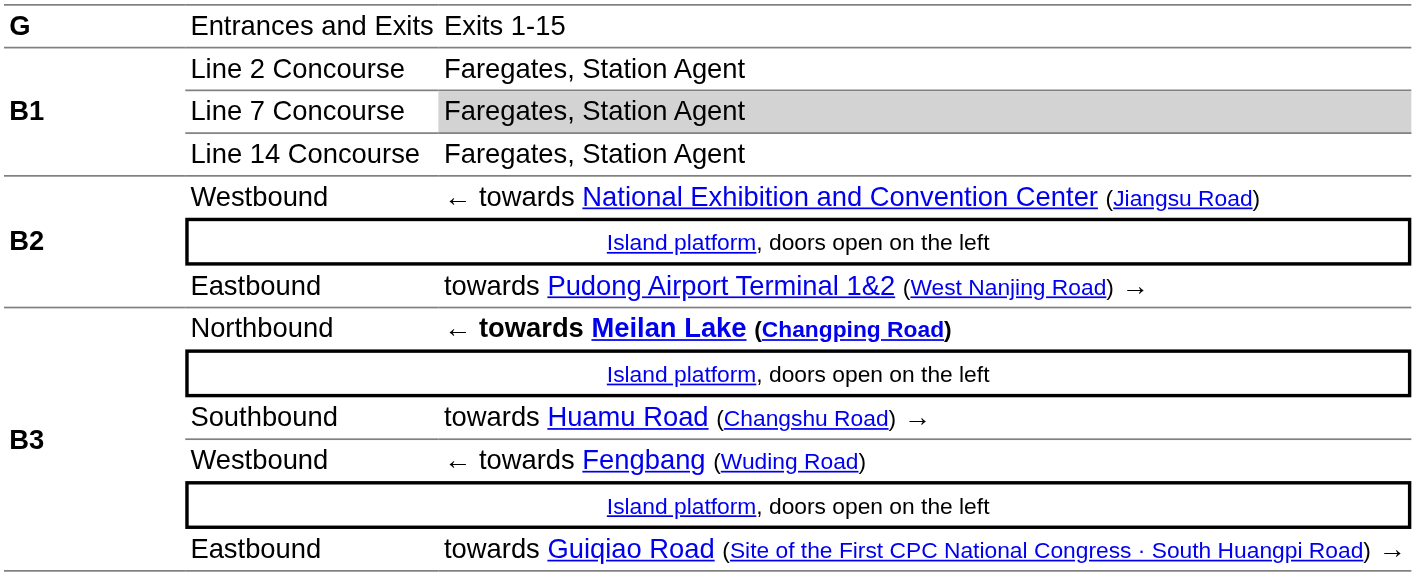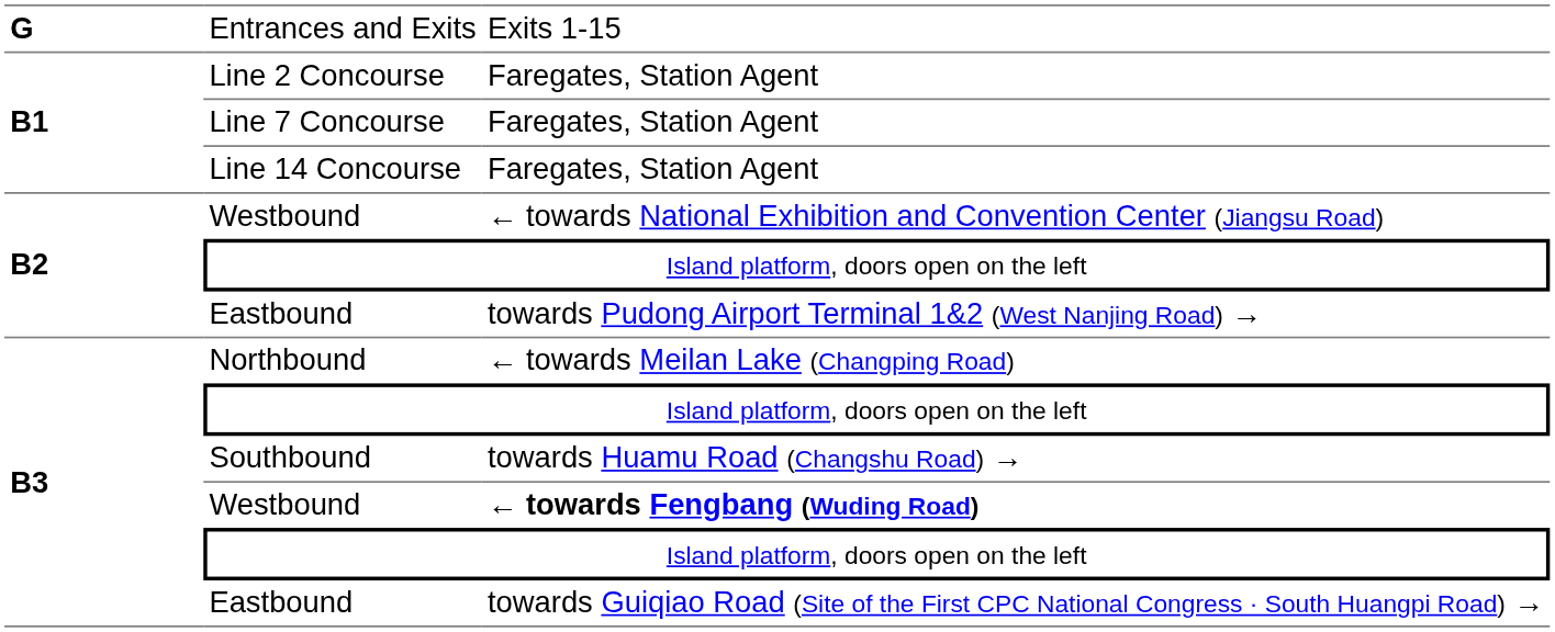 <table cellspacing=0 cellpadding=3>
 <tr>
 <td style="border-top:solid 1px gray;border-bottom:solid 1px gray;" width=100><strong>G</strong></td>
 <td style="border-top:solid 1px gray;border-bottom:solid 1px gray;">Entrances and Exits</td>
 <td style="border-top:solid 1px gray;border-bottom:solid 1px gray;">Exits 1-15</td>
 </tr>
 <tr>
 <td style="border-bottom:solid 1px gray;" rowspan=3><strong>B1</strong></td>
 <td style="border-bottom:solid 1px gray;">Line 2 Concourse</td>
 <td style="border-bottom:solid 1px gray;">Faregates, Station Agent</td>
 </tr>
 <tr>
 <td style="border-bottom:solid 1px gray;">Line 7 Concourse</td>
-<td style="background: lightgrey; border-bottom:solid 1px gray;">Faregates, Station Agent</td>
+<td style="border-bottom:solid 1px gray;">Faregates, Station Agent</td>
 </tr>
 <tr>
 <td style="border-bottom:solid 1px gray;">Line 14 Concourse</td>
 <td style="border-bottom:solid 1px gray;">Faregates, Station Agent</td>
 </tr>
 <tr>
 <td style="border-bottom:solid 1px gray;" rowspan=3><strong>B2</strong></td>
 <td>Westbound</td>
 <td>←  towards <a href='#'>National Exhibition and Convention Center</a> <small>(<a href='#'>Jiangsu Road</a>)</small></td>
 </tr>
 <tr>
 <td style="border-right:solid 2px black;border-left:solid 2px black;border-top:solid 2px black;border-bottom:solid 2px black;text-align:center;" colspan=2><small><a href='#'>Island platform</a>, doors open on the left</small></td>
 </tr>
 <tr>
 <td style="border-bottom:solid 1px gray;">Eastbound</td>
 <td style="border-bottom:solid 1px gray;">  towards <a href='#'>Pudong Airport Terminal 1&2</a> <small>(<a href='#'>West Nanjing Road</a>)</small> →</td>
 </tr>
 <tr>
 <td style="border-bottom:solid 1px gray;" rowspan=6><strong>B3</strong></td>
 <td>Northbound</td>
-<td><strong>←  towards <a href='#'>Meilan Lake</a> <small>(<a href='#'>Changping Road</a>)</small></strong></td>
+<td>←  towards <a href='#'>Meilan Lake</a> <small>(<a href='#'>Changping Road</a>)</small></td>
 </tr>
 <tr>
 <td style="border-right:solid 2px black;border-left:solid 2px black;border-top:solid 2px black;border-bottom:solid 2px black;text-align:center;" colspan=2><small><a href='#'>Island platform</a>, doors open on the left</small></td>
 </tr>
 <tr>
 <td style="border-bottom:solid 1px gray;">Southbound</td>
 <td style="border-bottom:solid 1px gray;">  towards <a href='#'>Huamu Road</a> <small>(<a href='#'>Changshu Road</a>)</small> →</td>
 </tr>
 <tr>
 <td>Westbound</td>
-<td>←  towards <a href='#'>Fengbang</a> <small>(<a href='#'>Wuding Road</a>)</small></td>
+<td><strong>←  towards <a href='#'>Fengbang</a> <small>(<a href='#'>Wuding Road</a>)</small></strong></td>
 </tr>
 <tr>
 <td style="border-right:solid 2px black;border-left:solid 2px black;border-top:solid 2px black;border-bottom:solid 2px black;text-align:center;" colspan=2><small><a href='#'>Island platform</a>, doors open on the left</small></td>
 </tr>
 <tr>
 <td style="border-bottom:solid 1px gray;">Eastbound</td>
 <td style="border-bottom:solid 1px gray;">  towards <a href='#'>Guiqiao Road</a> <small>(<a href='#'>Site of the First CPC National Congress · South Huangpi Road</a>)</small> →</td>
 </tr>
 </table>
